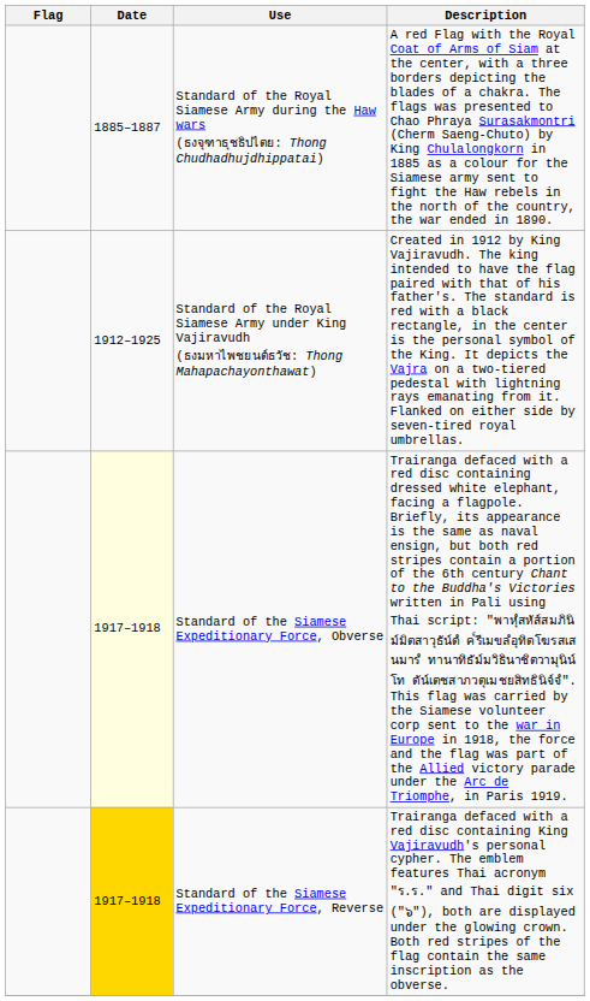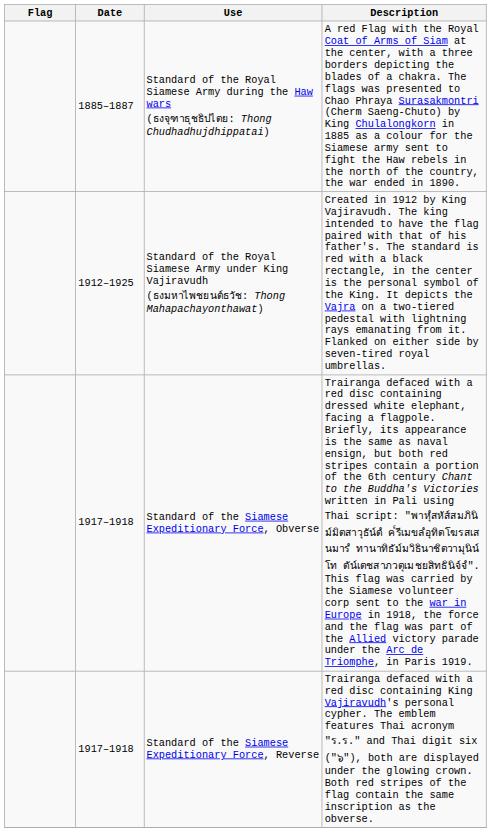 <table class="wikitable">
 <tr>
 <th width="110">Flag</th>
 <th width="100">Date</th>
 <th width="250">Use</th>
 <th width="250">Description</th>
 </tr>
 <tr>
 <td></td>
 <td>1885–1887</td>
 <td>Standard of the Royal Siamese Army during the <a href='#'>Haw wars</a><br>(ธงจุฑาธุชธิปไตย: <em>Thong Chudhadhujdhippatai</em>)</td>
 <td>A red Flag with the Royal <a href='#'>Coat of Arms of Siam</a> at the center, with a three borders depicting the blades of a chakra. The flags was presented to Chao Phraya <a href='#'>Surasakmontri</a> (Cherm Saeng-Chuto) by King <a href='#'>Chulalongkorn</a> in 1885 as a colour for the Siamese army sent to fight the Haw rebels in the north of the country, the war ended in 1890.</td>
 </tr>
 <tr>
 <td></td>
 <td>1912–1925</td>
 <td>Standard of the Royal Siamese Army under King Vajiravudh<br>(ธงมหาไพชยนต์ธวัช: <em>Thong Mahapachayonthawat</em>)</td>
 <td>Created in 1912 by King Vajiravudh. The king intended to have the flag paired with that of his father's. The standard is red with a black rectangle, in the center is the personal symbol of the King. It depicts the <a href='#'>Vajra</a> on a two-tiered pedestal with lightning rays emanating from it. Flanked on either side by seven-tired royal umbrellas.</td>
 </tr>
 <tr>
 <td></td>
-<td style="background: lightyellow;">1917–1918</td>
+<td>1917–1918</td>
 <td>Standard of the <a href='#'>Siamese Expeditionary Force</a>, Obverse </td>
 <td>Trairanga defaced with a red disc containing dressed white elephant, facing a flagpole. Briefly, its appearance is the same as naval ensign, but both red stripes contain a portion of the 6th century <em>Chant to the Buddha's Victories</em> written in Pali using Thai script: "พาหุํสหัส์สมภินิม์มิตสาวุธัน์ตํ ค๎รีเมขลํอุทิตโฆรสเสนมารํ ทานาทิธัม์มวิธินาชิตวามุนิน์โท ตัน์เตชสาภวตุเมชยสิทธินิจ์จํ". This flag was carried by the Siamese volunteer corp sent to the <a href='#'>war in Europe</a> in 1918, the force and the flag was part of the <a href='#'>Allied</a> victory parade under the <a href='#'>Arc de Triomphe</a>, in Paris 1919.</td>
 </tr>
 <tr>
 <td></td>
-<td style="background: gold;">1917–1918</td>
+<td>1917–1918</td>
 <td>Standard of the <a href='#'>Siamese Expeditionary Force</a>, Reverse </td>
 <td>Trairanga defaced with a red disc containing King <a href='#'>Vajiravudh</a>'s personal cypher.  The emblem features Thai acronym "ร.ร." and Thai digit six ("๖"), both are displayed under the glowing crown. Both red stripes of the flag contain the same inscription as the obverse.</td>
 </tr>
 <tr>
 </tr>
 </table>
